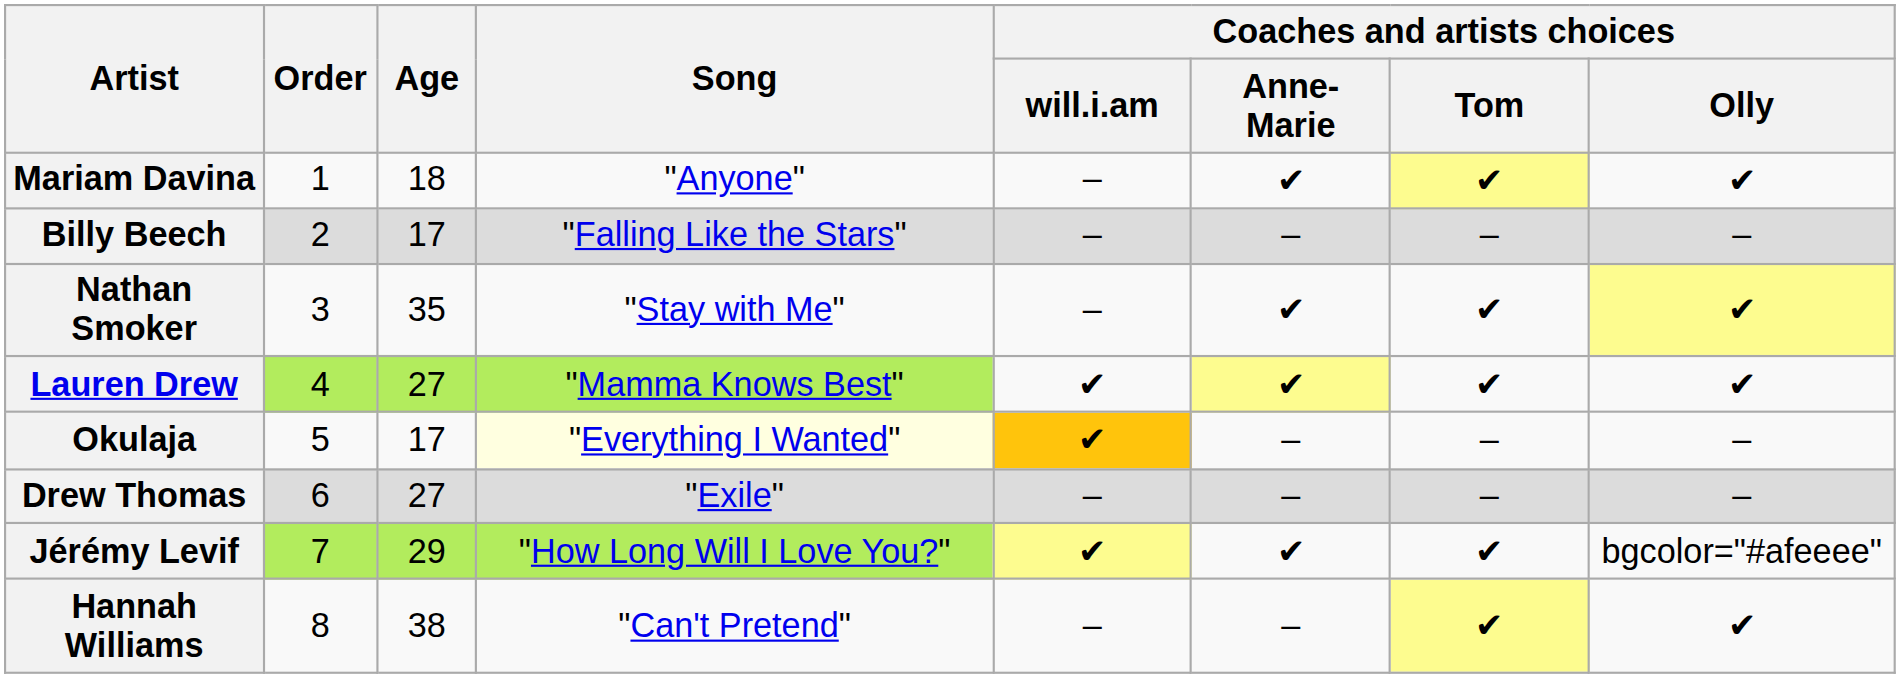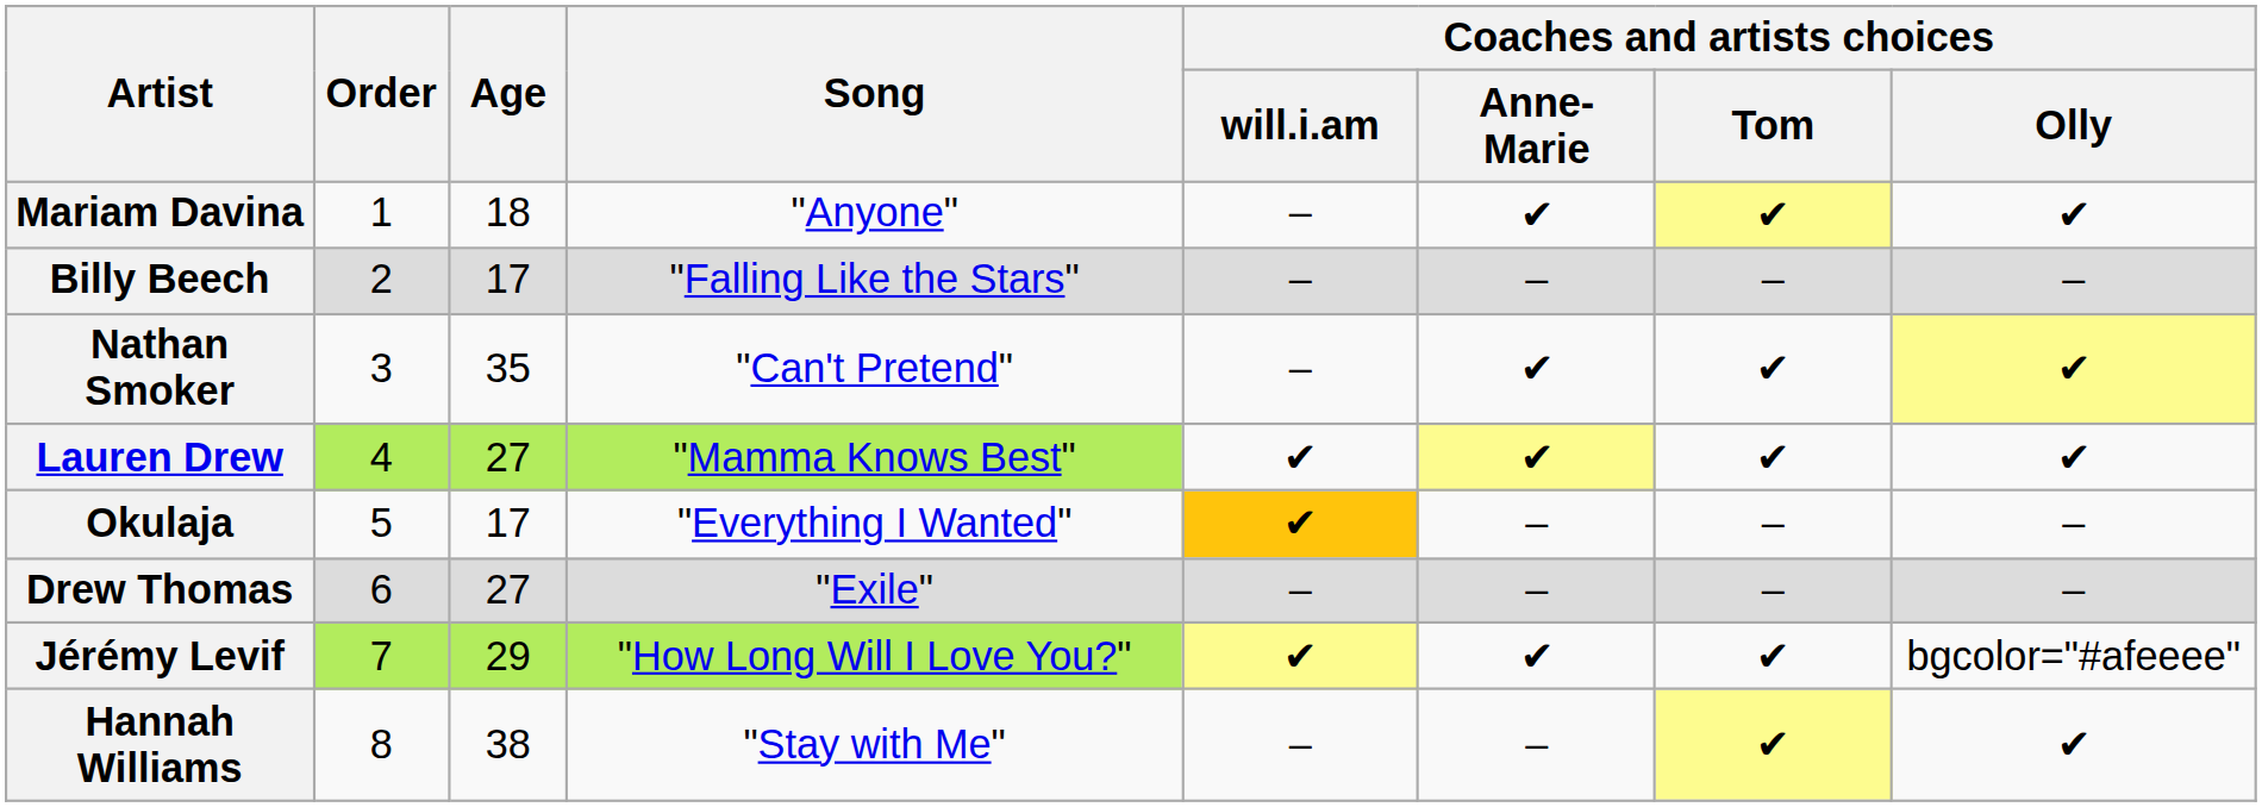 <table class="wikitable" style="text-align:center; width:100%">
 <tr>
 <th scope="col" rowspan="2" style="width:13%">Artist</th>
 <th scope="col" rowspan="2" style="width:05%">Order</th>
 <th scope="col" rowspan="2" style="width:05%">Age</th>
 <th scope="col" rowspan="2" style="width:26%">Song</th>
 <th scope="row" colspan="4" style="width:40%">Coaches and artists choices</th>
 </tr>
 <tr>
 <th style="width:10%">will.i.am</th>
 <th style="width:10%">Anne-Marie</th>
 <th style="width:10%">Tom</th>
 <th style="width:10%">Olly</th>
 </tr>
 <tr At The Begining The Four Coaches Perform You've Got the Love>
 <th scope="row">Mariam Davina</th>
 <td>1</td>
 <td>18</td>
 <td>"<a href='#'>Anyone</a>"</td>
 <td>–</td>
 <td>✔</td>
 <td style="background:#fdfc8f">✔</td>
 <td>✔</td>
 </tr>
 <tr style="background:#DCDCDC">
 <th scope="row">Billy Beech</th>
 <td>2</td>
 <td>17</td>
 <td>"<a href='#'>Falling Like the Stars</a>"</td>
 <td>–</td>
 <td>–</td>
 <td>–</td>
 <td>–</td>
 </tr>
 <tr>
 <th scope="row">Nathan Smoker</th>
 <td>3</td>
 <td>35</td>
-<td>"<a href='#'>Stay with Me</a>"</td>
+<td>"<a href='#'>Can't Pretend</a>"</td>
 <td>–</td>
 <td>✔</td>
 <td>✔</td>
 <td style="background:#fdfc8f">✔</td>
 </tr>
 <tr>
 <th scope="row"><a href='#'>Lauren Drew</a></th>
 <td style="background:#B2EC5D">4</td>
 <td style="background:#B2EC5D">27</td>
 <td style="background:#B2EC5D">"<a href='#'>Mamma Knows Best</a>"</td>
 <td>✔</td>
 <td style="background:#fdfc8f">✔</td>
 <td>✔</td>
 <td>✔</td>
 </tr>
 <tr>
 <th scope="row">Okulaja</th>
 <td>5</td>
 <td>17</td>
-<td style="background: lightyellow;">"<a href='#'>Everything I Wanted</a>"</td>
+<td>"<a href='#'>Everything I Wanted</a>"</td>
 <td style="background:#ffc40c">✔</td>
 <td>–</td>
 <td>–</td>
 <td>–</td>
 </tr>
 <tr style="background:#DCDCDC">
 <th scope="row">Drew Thomas</th>
 <td>6</td>
 <td>27</td>
 <td>"<a href='#'>Exile</a>"</td>
 <td>–</td>
 <td>–</td>
 <td>–</td>
 <td>–</td>
 </tr>
 <tr>
 <th scope="row">Jérémy Levif</th>
 <td style="background:#B2EC5D">7</td>
 <td style="background:#B2EC5D">29</td>
 <td style="background:#B2EC5D">"<a href='#'>How Long Will I Love You?</a>"</td>
 <td style="background:#fdfc8f">✔</td>
 <td>✔</td>
 <td>✔</td>
 <td>bgcolor="#afeeee" </td>
 </tr>
 <tr>
 <th scope="row">Hannah Williams</th>
 <td>8</td>
 <td>38</td>
-<td>"<a href='#'>Can't Pretend</a>"</td>
+<td>"<a href='#'>Stay with Me</a>"</td>
 <td>–</td>
 <td>–</td>
 <td style="background:#fdfc8f">✔</td>
 <td>✔</td>
 </tr>
 </table>
